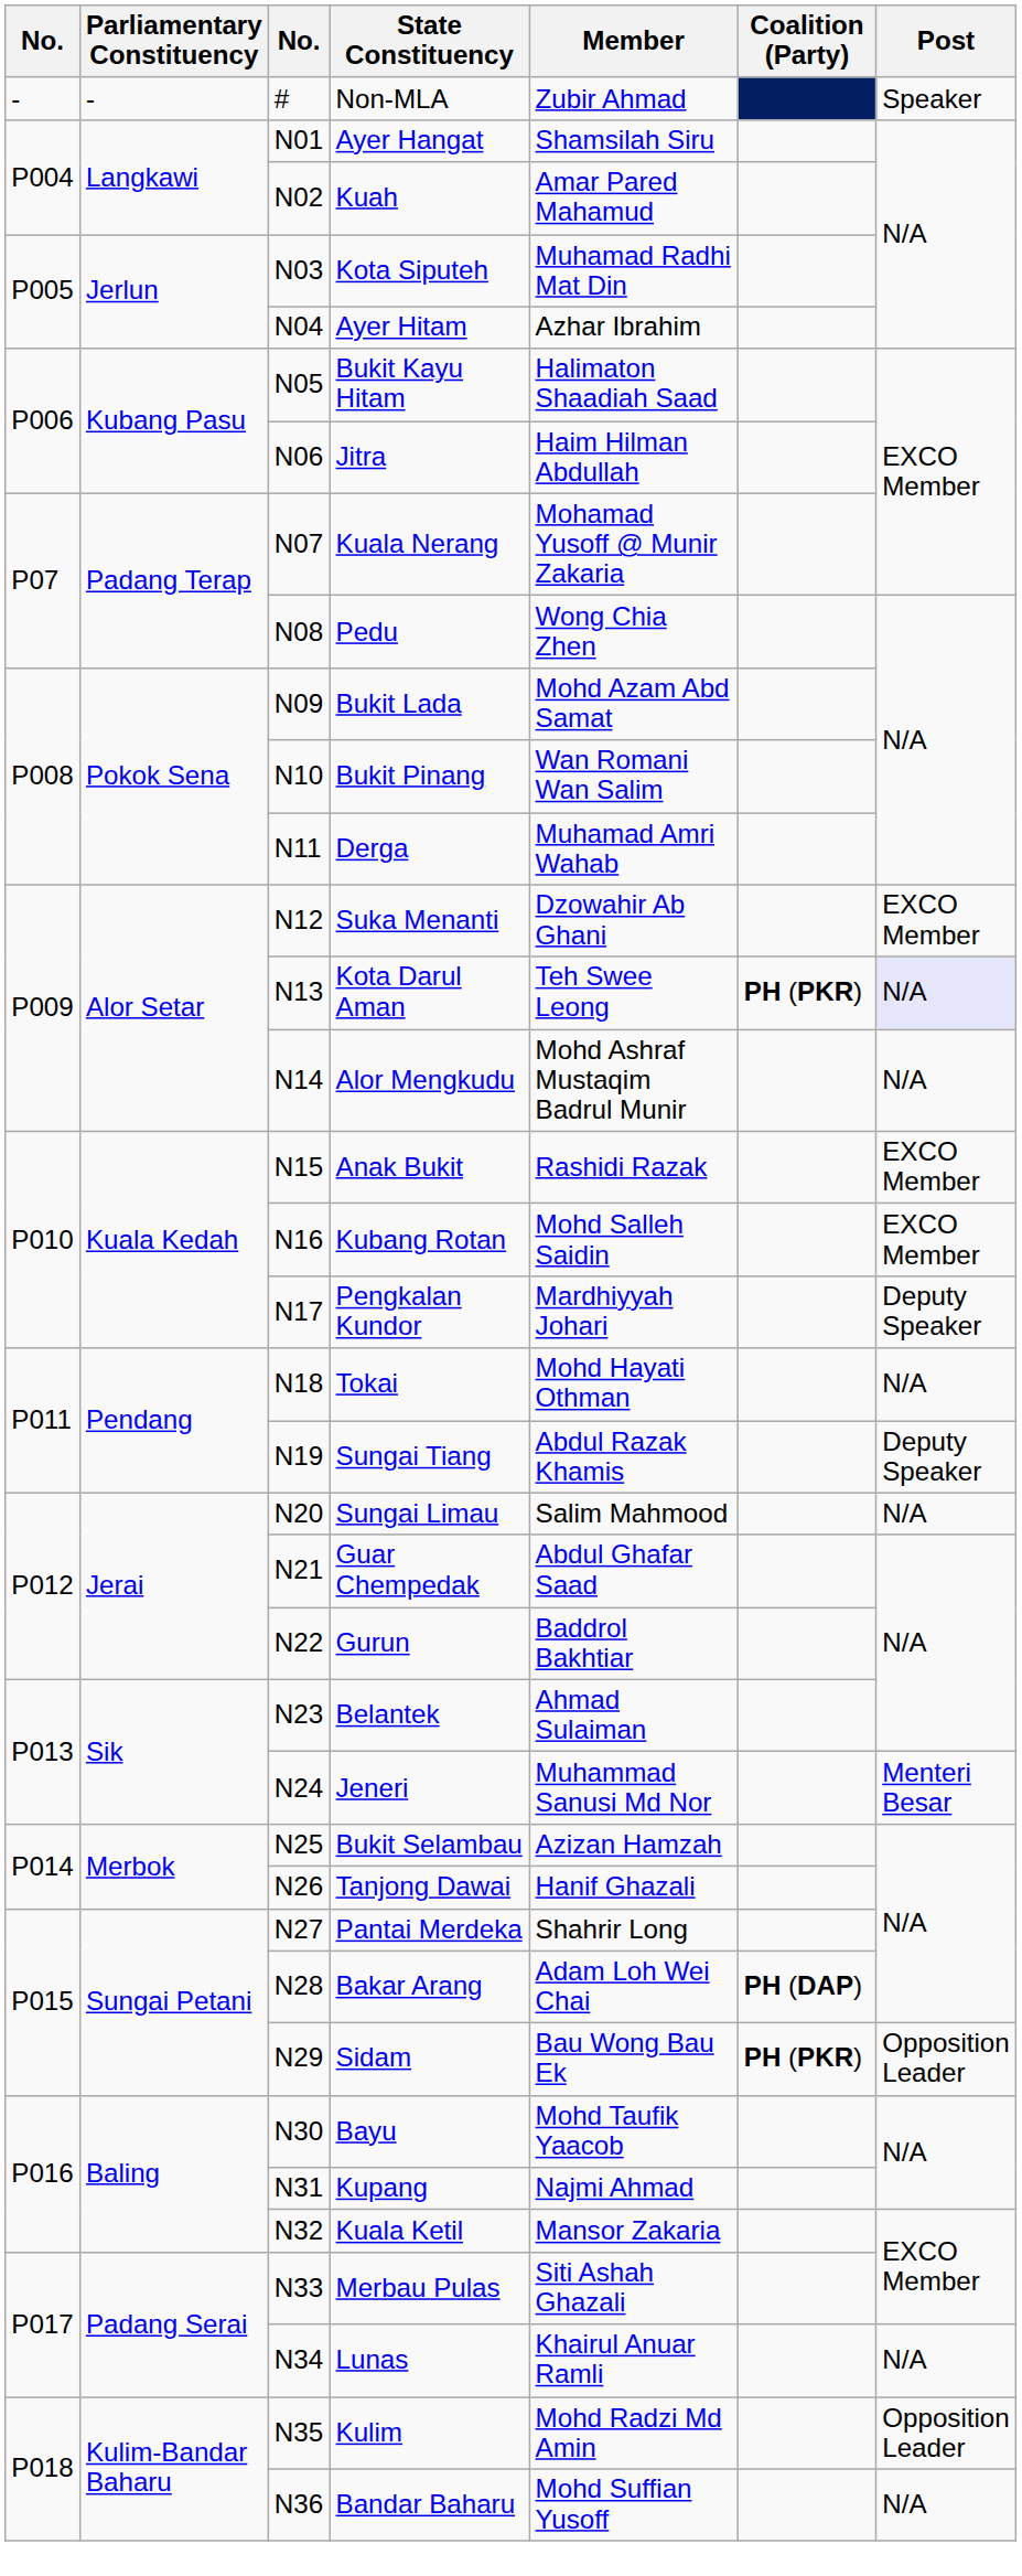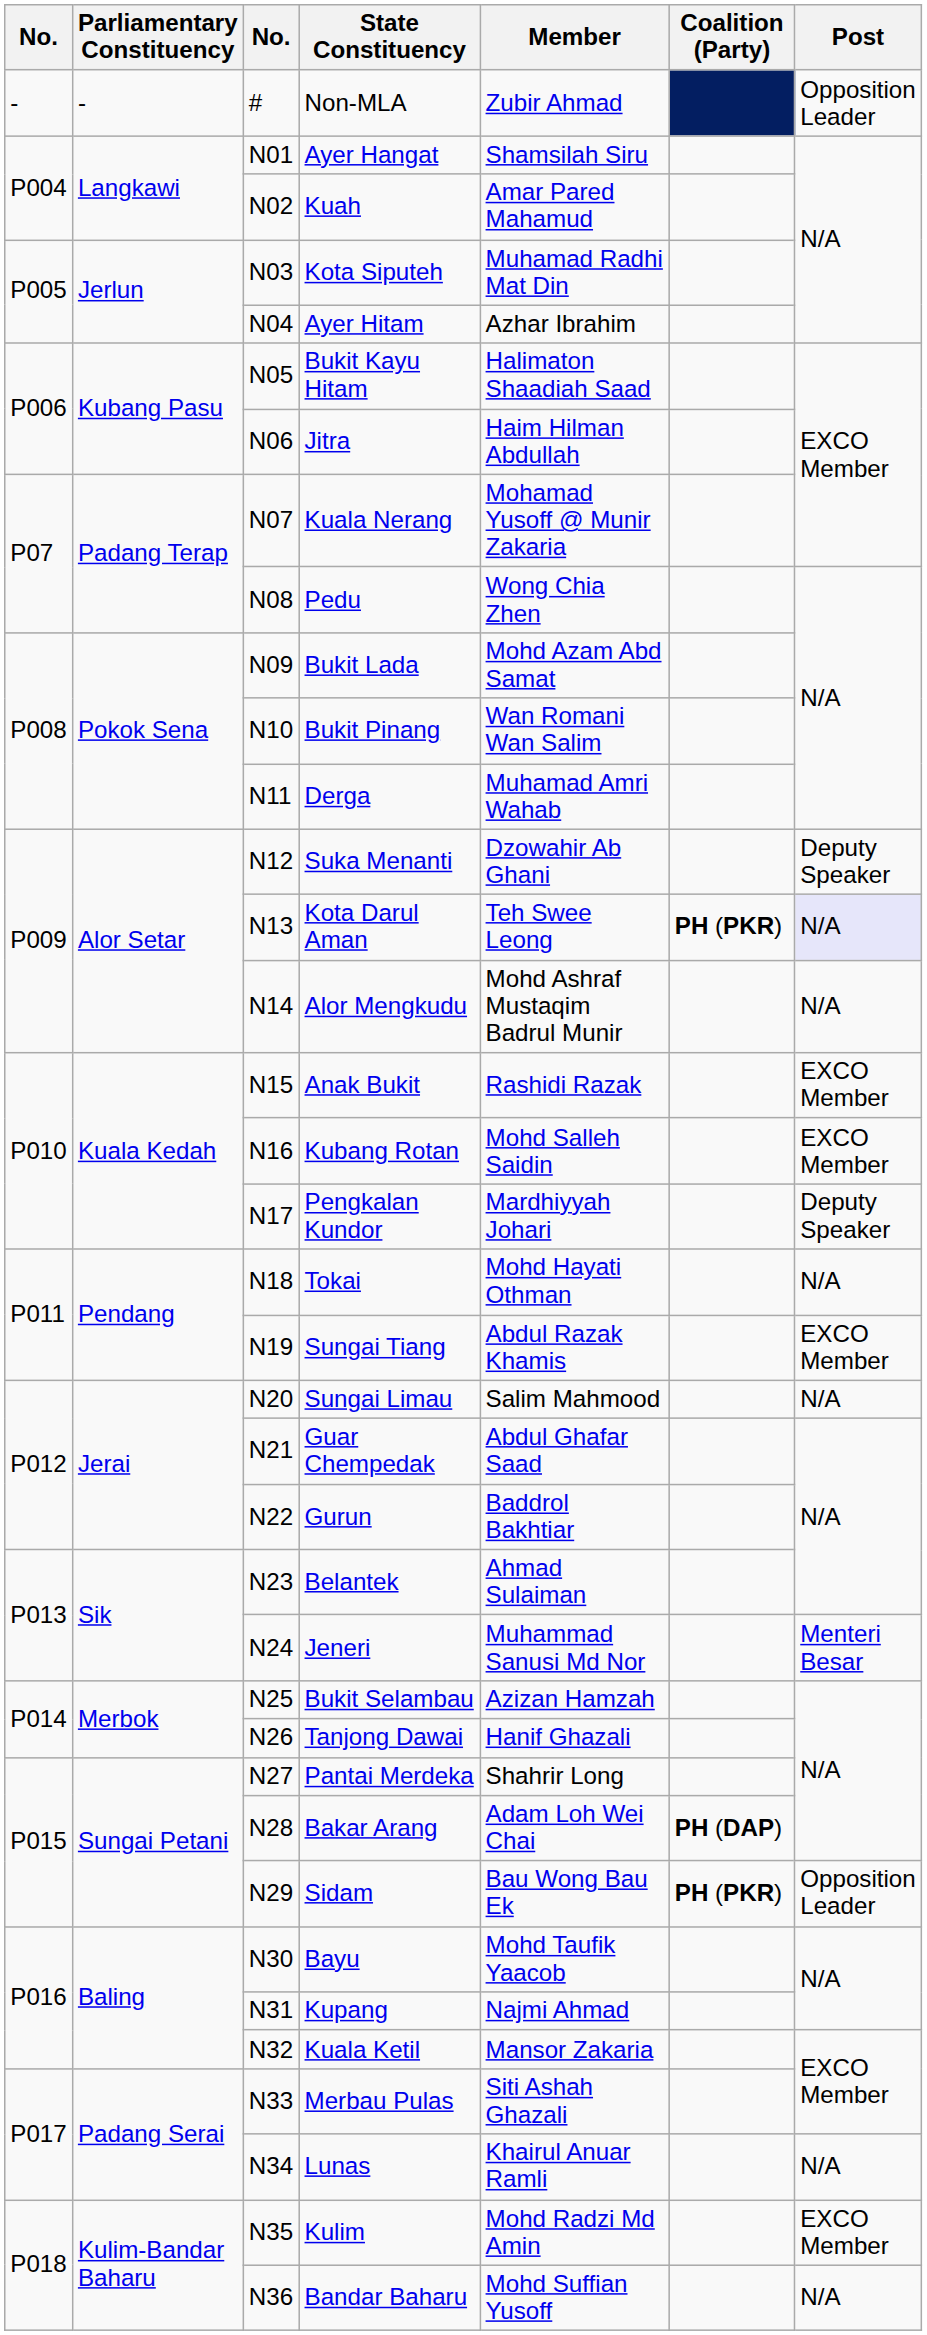 <table class="wikitable">
 <tr>
 <th>No.</th>
 <th>Parliamentary Constituency</th>
 <th width="30">No.</th>
 <th width="150">State Constituency</th>
 <th width="230">Member</th>
 <th width="100">Coalition (Party)</th>
 <th>Post</th>
 </tr>
 <tr>
 <td>-</td>
 <td>-</td>
 <td>#</td>
 <td>Non-MLA</td>
 <td><a href='#'>Zubir Ahmad</a></td>
 <td bgcolor=#031e61></td>
-<td>Speaker</td>
+<td>Opposition Leader</td>
 </tr>
 <tr>
 <td rowspan="2">P004</td>
 <td rowspan="2"><a href='#'>Langkawi</a></td>
 <td>N01</td>
 <td><a href='#'>Ayer Hangat</a></td>
 <td><a href='#'>Shamsilah Siru</a></td>
 <td></td>
 <td rowspan="4">N/A</td>
 </tr>
 <tr>
 <td>N02</td>
 <td><a href='#'>Kuah</a></td>
 <td><a href='#'>Amar Pared Mahamud</a></td>
 <td></td>
 </tr>
 <tr>
 <td rowspan="2">P005</td>
 <td rowspan="2"><a href='#'>Jerlun</a></td>
 <td>N03</td>
 <td><a href='#'>Kota Siputeh</a></td>
 <td><a href='#'>Muhamad Radhi Mat Din</a></td>
 <td></td>
 </tr>
 <tr>
 <td>N04</td>
 <td><a href='#'>Ayer Hitam</a></td>
 <td>Azhar Ibrahim</td>
 <td></td>
 </tr>
 <tr>
 <td rowspan="2">P006</td>
 <td rowspan="2"><a href='#'>Kubang Pasu</a></td>
 <td>N05</td>
 <td><a href='#'>Bukit Kayu Hitam</a></td>
 <td><a href='#'>Halimaton Shaadiah Saad</a></td>
 <td></td>
 <td rowspan="3">EXCO Member</td>
 </tr>
 <tr>
 <td>N06</td>
 <td><a href='#'>Jitra</a></td>
 <td><a href='#'>Haim Hilman Abdullah</a></td>
 <td></td>
 </tr>
 <tr>
 <td rowspan="2">P07</td>
 <td rowspan="2"><a href='#'>Padang Terap</a></td>
 <td>N07</td>
 <td><a href='#'>Kuala Nerang</a></td>
 <td><a href='#'>Mohamad Yusoff @ Munir Zakaria</a></td>
 <td></td>
 </tr>
 <tr>
 <td>N08</td>
 <td><a href='#'>Pedu</a></td>
 <td><a href='#'>Wong Chia Zhen</a></td>
 <td></td>
 <td rowspan="4">N/A</td>
 </tr>
 <tr>
 <td rowspan="3">P008</td>
 <td rowspan="3"><a href='#'>Pokok Sena</a></td>
 <td>N09</td>
 <td><a href='#'>Bukit Lada</a></td>
 <td><a href='#'>Mohd Azam Abd Samat</a></td>
 <td></td>
 </tr>
 <tr>
 <td>N10</td>
 <td><a href='#'>Bukit Pinang</a></td>
 <td><a href='#'>Wan Romani Wan Salim</a></td>
 <td></td>
 </tr>
 <tr>
 <td>N11</td>
 <td><a href='#'>Derga</a></td>
 <td><a href='#'>Muhamad Amri Wahab</a></td>
 <td></td>
 </tr>
 <tr>
 <td rowspan="3">P009</td>
 <td rowspan="3"><a href='#'>Alor Setar</a></td>
 <td>N12</td>
 <td><a href='#'>Suka Menanti</a></td>
 <td><a href='#'>Dzowahir Ab Ghani</a></td>
 <td></td>
-<td>EXCO Member</td>
+<td>Deputy Speaker</td>
 </tr>
 <tr>
 <td>N13</td>
 <td><a href='#'>Kota Darul Aman</a></td>
 <td><a href='#'>Teh Swee Leong</a></td>
 <td><strong>PH</strong> (<strong>PKR</strong>)</td>
 <td style="background: lavender;">N/A</td>
 </tr>
 <tr>
 <td>N14</td>
 <td><a href='#'>Alor Mengkudu</a></td>
 <td>Mohd Ashraf Mustaqim Badrul Munir</td>
 <td></td>
 <td>N/A</td>
 </tr>
 <tr>
 <td rowspan="3">P010</td>
 <td rowspan="3"><a href='#'>Kuala Kedah</a></td>
 <td>N15</td>
 <td><a href='#'>Anak Bukit</a></td>
 <td><a href='#'>Rashidi Razak</a></td>
 <td></td>
 <td>EXCO Member</td>
 </tr>
 <tr>
 <td>N16</td>
 <td><a href='#'>Kubang Rotan</a></td>
 <td><a href='#'>Mohd Salleh Saidin</a></td>
 <td></td>
 <td>EXCO Member</td>
 </tr>
 <tr>
 <td>N17</td>
 <td><a href='#'>Pengkalan Kundor</a></td>
 <td><a href='#'>Mardhiyyah Johari</a></td>
 <td></td>
 <td>Deputy Speaker</td>
 </tr>
 <tr>
 <td rowspan="2">P011</td>
 <td rowspan="2"><a href='#'>Pendang</a></td>
 <td>N18</td>
 <td><a href='#'>Tokai</a></td>
 <td><a href='#'>Mohd Hayati Othman</a></td>
 <td></td>
 <td>N/A</td>
 </tr>
 <tr>
 <td>N19</td>
 <td><a href='#'>Sungai Tiang</a></td>
 <td><a href='#'>Abdul Razak Khamis</a></td>
 <td></td>
-<td>Deputy Speaker</td>
+<td>EXCO Member</td>
 </tr>
 <tr>
 <td rowspan="3">P012</td>
 <td rowspan="3"><a href='#'>Jerai</a></td>
 <td>N20</td>
 <td><a href='#'>Sungai Limau</a></td>
 <td>Salim Mahmood</td>
 <td></td>
 <td>N/A</td>
 </tr>
 <tr>
 <td>N21</td>
 <td><a href='#'>Guar Chempedak</a></td>
 <td><a href='#'>Abdul Ghafar Saad</a></td>
 <td></td>
 <td rowspan="3">N/A</td>
 </tr>
 <tr>
 <td>N22</td>
 <td><a href='#'>Gurun</a></td>
 <td><a href='#'>Baddrol Bakhtiar</a></td>
 <td></td>
 </tr>
 <tr>
 <td rowspan="2">P013</td>
 <td rowspan="2"><a href='#'>Sik</a></td>
 <td>N23</td>
 <td><a href='#'>Belantek</a></td>
 <td><a href='#'>Ahmad Sulaiman</a></td>
 <td></td>
 </tr>
 <tr>
 <td>N24</td>
 <td><a href='#'>Jeneri</a></td>
 <td><a href='#'>Muhammad Sanusi Md Nor</a></td>
 <td></td>
 <td><a href='#'>Menteri Besar</a></td>
 </tr>
 <tr>
 <td rowspan="2">P014</td>
 <td rowspan="2"><a href='#'>Merbok</a></td>
 <td>N25</td>
 <td><a href='#'>Bukit Selambau</a></td>
 <td><a href='#'>Azizan Hamzah</a></td>
 <td></td>
 <td rowspan="4">N/A</td>
 </tr>
 <tr>
 <td>N26</td>
 <td><a href='#'>Tanjong Dawai</a></td>
 <td><a href='#'>Hanif Ghazali</a></td>
 <td></td>
 </tr>
 <tr>
 <td rowspan="3">P015</td>
 <td rowspan="3"><a href='#'>Sungai Petani</a></td>
 <td>N27</td>
 <td><a href='#'>Pantai Merdeka</a></td>
 <td>Shahrir Long</td>
 <td></td>
 </tr>
 <tr>
 <td>N28</td>
 <td><a href='#'>Bakar Arang</a></td>
 <td><a href='#'>Adam Loh Wei Chai</a></td>
 <td><strong>PH</strong> (<strong>DAP</strong>)</td>
 </tr>
 <tr>
 <td>N29</td>
 <td><a href='#'>Sidam</a></td>
 <td><a href='#'>Bau Wong Bau Ek</a></td>
 <td><strong>PH</strong> (<strong>PKR</strong>)</td>
 <td>Opposition Leader</td>
 </tr>
 <tr>
 <td rowspan="3">P016</td>
 <td rowspan="3"><a href='#'>Baling</a></td>
 <td>N30</td>
 <td><a href='#'>Bayu</a></td>
 <td><a href='#'>Mohd Taufik Yaacob</a></td>
 <td></td>
 <td rowspan="2">N/A</td>
 </tr>
 <tr>
 <td>N31</td>
 <td><a href='#'>Kupang</a></td>
 <td><a href='#'>Najmi Ahmad</a></td>
 <td></td>
 </tr>
 <tr>
 <td>N32</td>
 <td><a href='#'>Kuala Ketil</a></td>
 <td><a href='#'>Mansor Zakaria</a></td>
 <td></td>
 <td rowspan="2">EXCO Member</td>
 </tr>
 <tr>
 <td rowspan="2">P017</td>
 <td rowspan="2"><a href='#'>Padang Serai</a></td>
 <td>N33</td>
 <td><a href='#'>Merbau Pulas</a></td>
 <td><a href='#'>Siti Ashah Ghazali</a></td>
 <td></td>
 </tr>
 <tr>
 <td>N34</td>
 <td><a href='#'>Lunas</a></td>
 <td><a href='#'>Khairul Anuar Ramli</a></td>
 <td></td>
 <td>N/A</td>
 </tr>
 <tr>
 <td rowspan="2">P018</td>
 <td rowspan="2"><a href='#'>Kulim-Bandar Baharu</a></td>
 <td>N35</td>
 <td><a href='#'>Kulim</a></td>
 <td><a href='#'>Mohd Radzi Md Amin</a></td>
 <td></td>
-<td>Opposition Leader</td>
+<td>EXCO Member</td>
 </tr>
 <tr>
 <td>N36</td>
 <td><a href='#'>Bandar Baharu</a></td>
 <td><a href='#'>Mohd Suffian Yusoff</a></td>
 <td></td>
 <td>N/A</td>
 </tr>
 </table>
